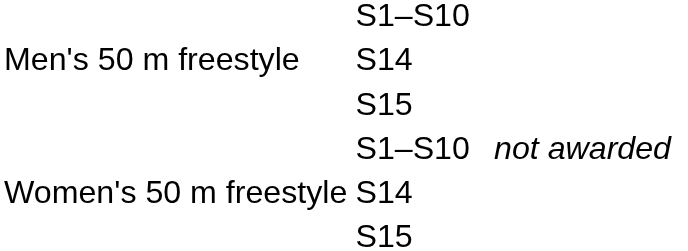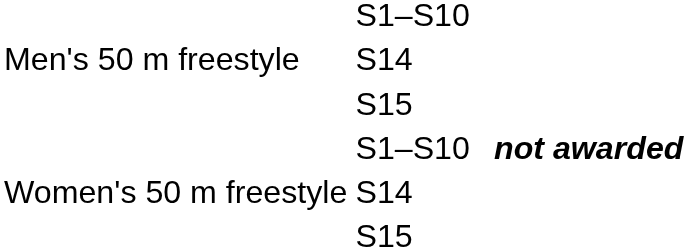 <table>
 <tr>
 <td rowspan=3>Men's 50 m freestyle</td>
 <td>S1–S10</td>
 <td></td>
 <td></td>
 <td nowrap></td>
 </tr>
 <tr>
 <td>S14</td>
 <td></td>
 <td></td>
 <td></td>
 </tr>
 <tr>
 <td>S15</td>
 <td></td>
 <td></td>
 <td></td>
 </tr>
 <tr>
 <td rowspan=3>Women's 50 m freestyle</td>
 <td>S1–S10</td>
 <td nowrap></td>
 <td></td>
-<td><em>not awarded</em></td>
+<td><strong><em>not awarded</em></strong></td>
 </tr>
 <tr>
 <td>S14</td>
 <td></td>
 <td nowrap></td>
 <td></td>
 </tr>
 <tr>
 <td>S15</td>
 <td></td>
 <td></td>
 <td></td>
 </tr>
 </table>
